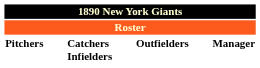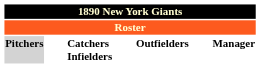 <table class="toccolours" style="font-size: 95%;">
 <tr>
 <th colspan="10" style="background-color: black; color: #FFFDD0; text-align: center;">1890 New York Giants</th>
 </tr>
 <tr>
 <td colspan="10" style="background-color: #fd5a1e; color: #FFFDD0; text-align: center;"><strong>Roster</strong></td>
 </tr>
 <tr>
-<td valign="top"><strong>Pitchers</strong><br>   </td>
+<td valign="top" style="background: lightgrey;"><strong>Pitchers</strong><br>   </td>
 <td width="25px"></td>
 <td valign="top"><strong>Catchers</strong><br>     <strong>Infielders</strong>        </td>
 <td width="25px"></td>
 <td valign="top"><strong>Outfielders</strong><br>     </td>
 <td width="25px"></td>
 <td valign="top"><strong>Manager</strong><br></td>
 </tr>
 </table>
